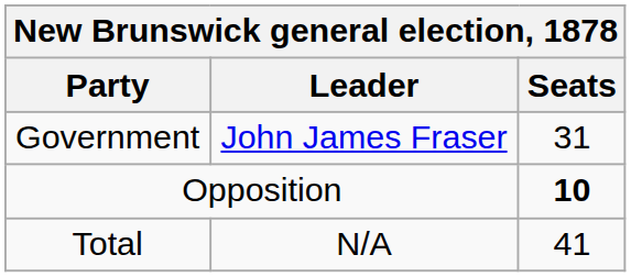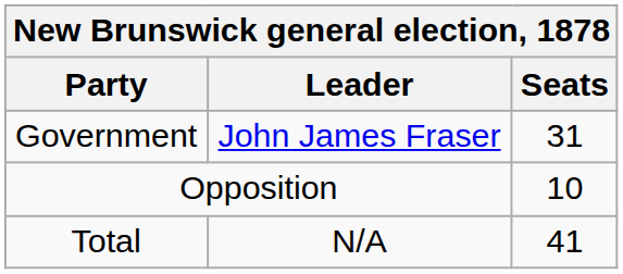 <table class="wikitable" style="text-align:center">
 <tr>
 <th colspan=3>New Brunswick general election, 1878</th>
 </tr>
 <tr>
 <th>Party</th>
 <th>Leader</th>
 <th>Seats</th>
 </tr>
 <tr>
 <td>Government</td>
 <td><a href='#'>John James Fraser</a></td>
 <td>31</td>
 </tr>
 <tr>
 <td colspan=2>Opposition</td>
-<td><strong>10</strong></td>
+<td>10</td>
 </tr>
 <tr>
 <td>Total</td>
 <td>N/A</td>
 <td>41</td>
 </tr>
 </table>
